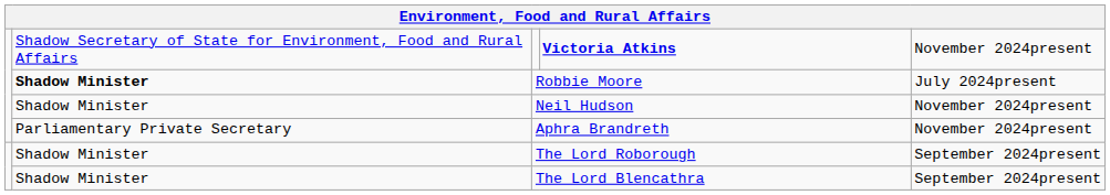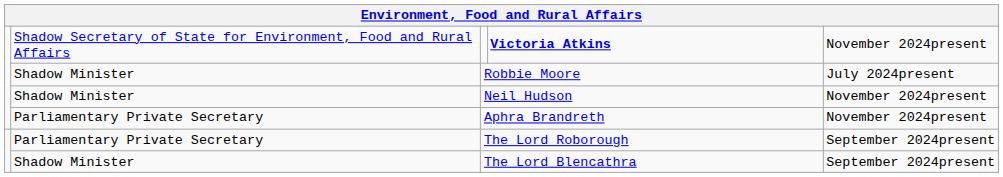 <table class="wikitable">
 <tr>
 <th colspan="5"><a href='#'>Environment, Food and Rural Affairs</a></th>
 </tr>
 <tr>
 <td rowspan="4" style="background: "></td>
 <td style="width: 450px;"><a href='#'>Shadow Secretary of State for Environment, Food and Rural Affairs</a></td>
 <td style="background: "></td>
 <td style="width: 320px;"><strong><a href='#'>Victoria Atkins</a></strong></td>
 <td>November 2024present</td>
 </tr>
 <tr>
-<td><strong>Shadow Minister</strong></td>
+<td>Shadow Minister</td>
 <td colspan="2"><a href='#'>Robbie Moore</a></td>
 <td>July 2024present</td>
 </tr>
 <tr>
 <td>Shadow Minister</td>
 <td colspan="2"><a href='#'>Neil Hudson</a></td>
 <td>November 2024present</td>
 </tr>
 <tr>
 <td>Parliamentary Private Secretary</td>
 <td colspan="2"><a href='#'>Aphra Brandreth</a></td>
 <td>November 2024present</td>
 </tr>
 <tr>
 <td rowspan="2" style="background: "></td>
-<td>Shadow Minister</td>
+<td>Parliamentary Private Secretary</td>
 <td colspan="2"><a href='#'>The Lord Roborough</a></td>
 <td>September 2024present</td>
 </tr>
 <tr>
 <td>Shadow Minister</td>
 <td colspan="2"><a href='#'>The Lord Blencathra</a></td>
 <td>September 2024present</td>
 </tr>
 </table>
